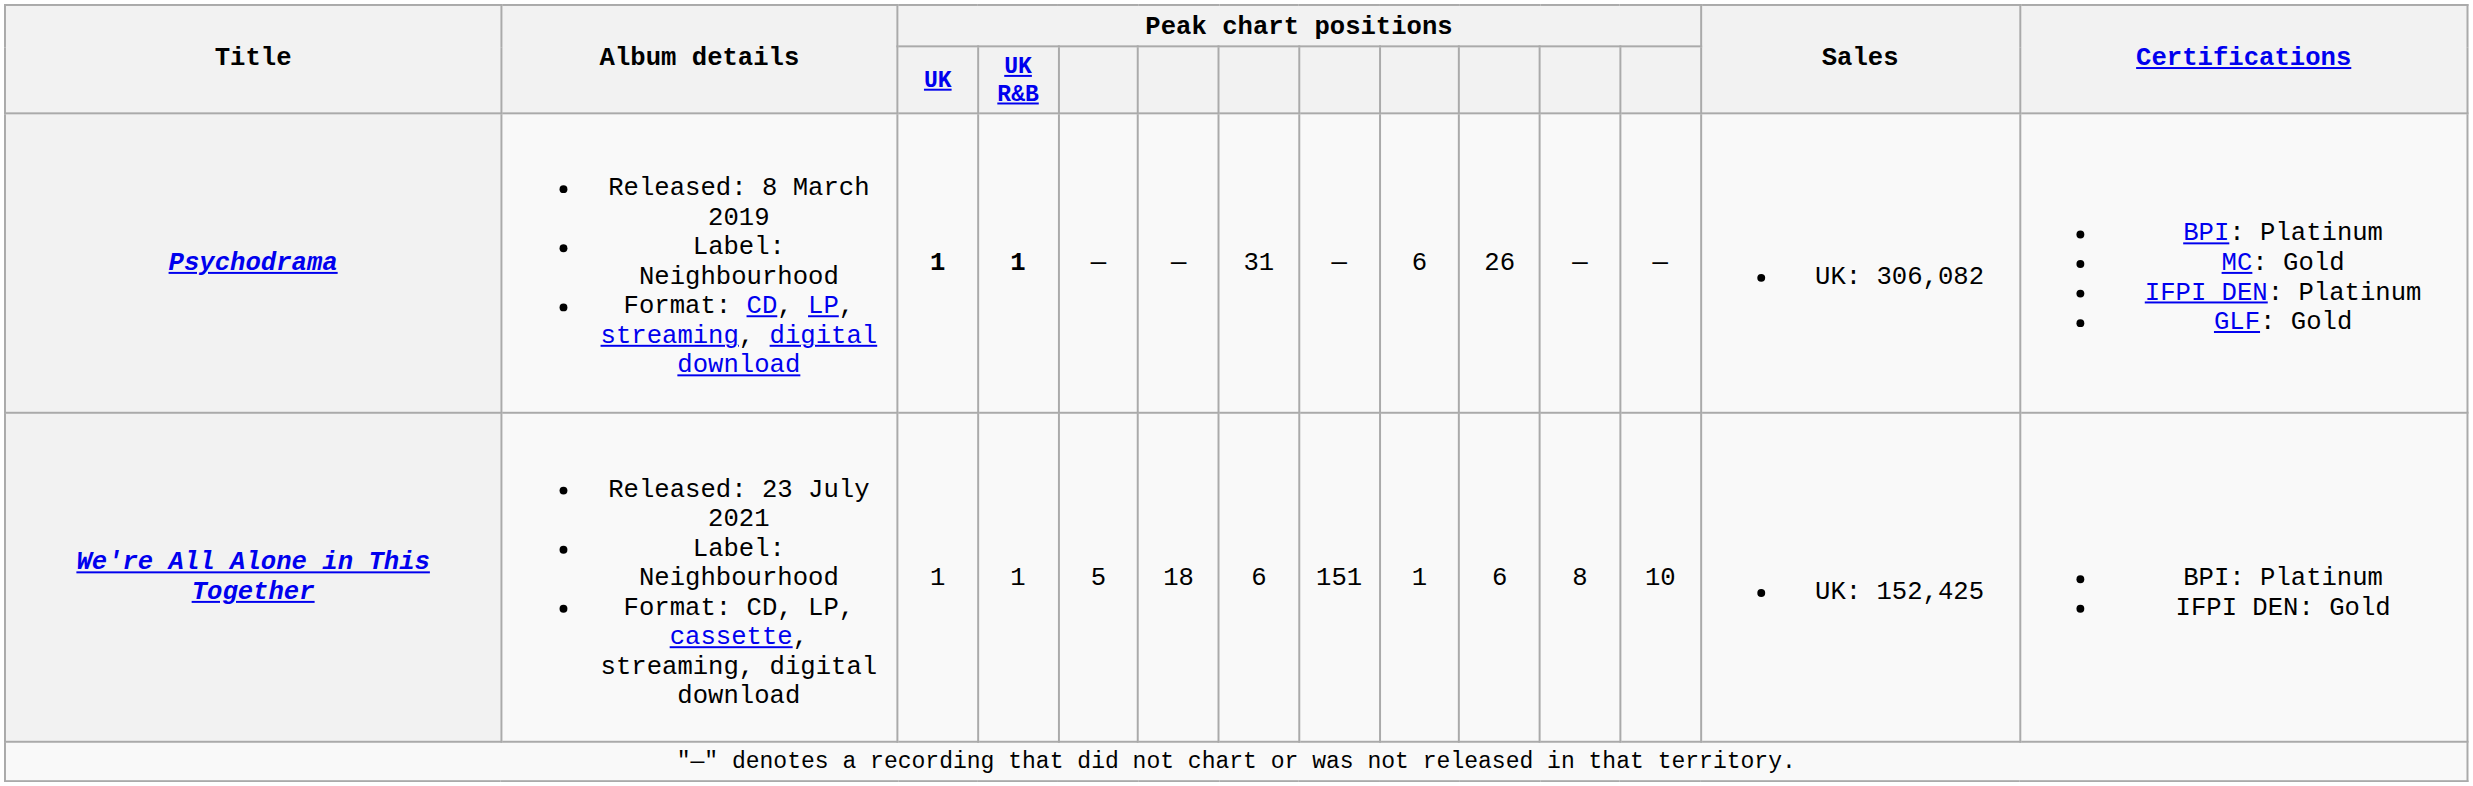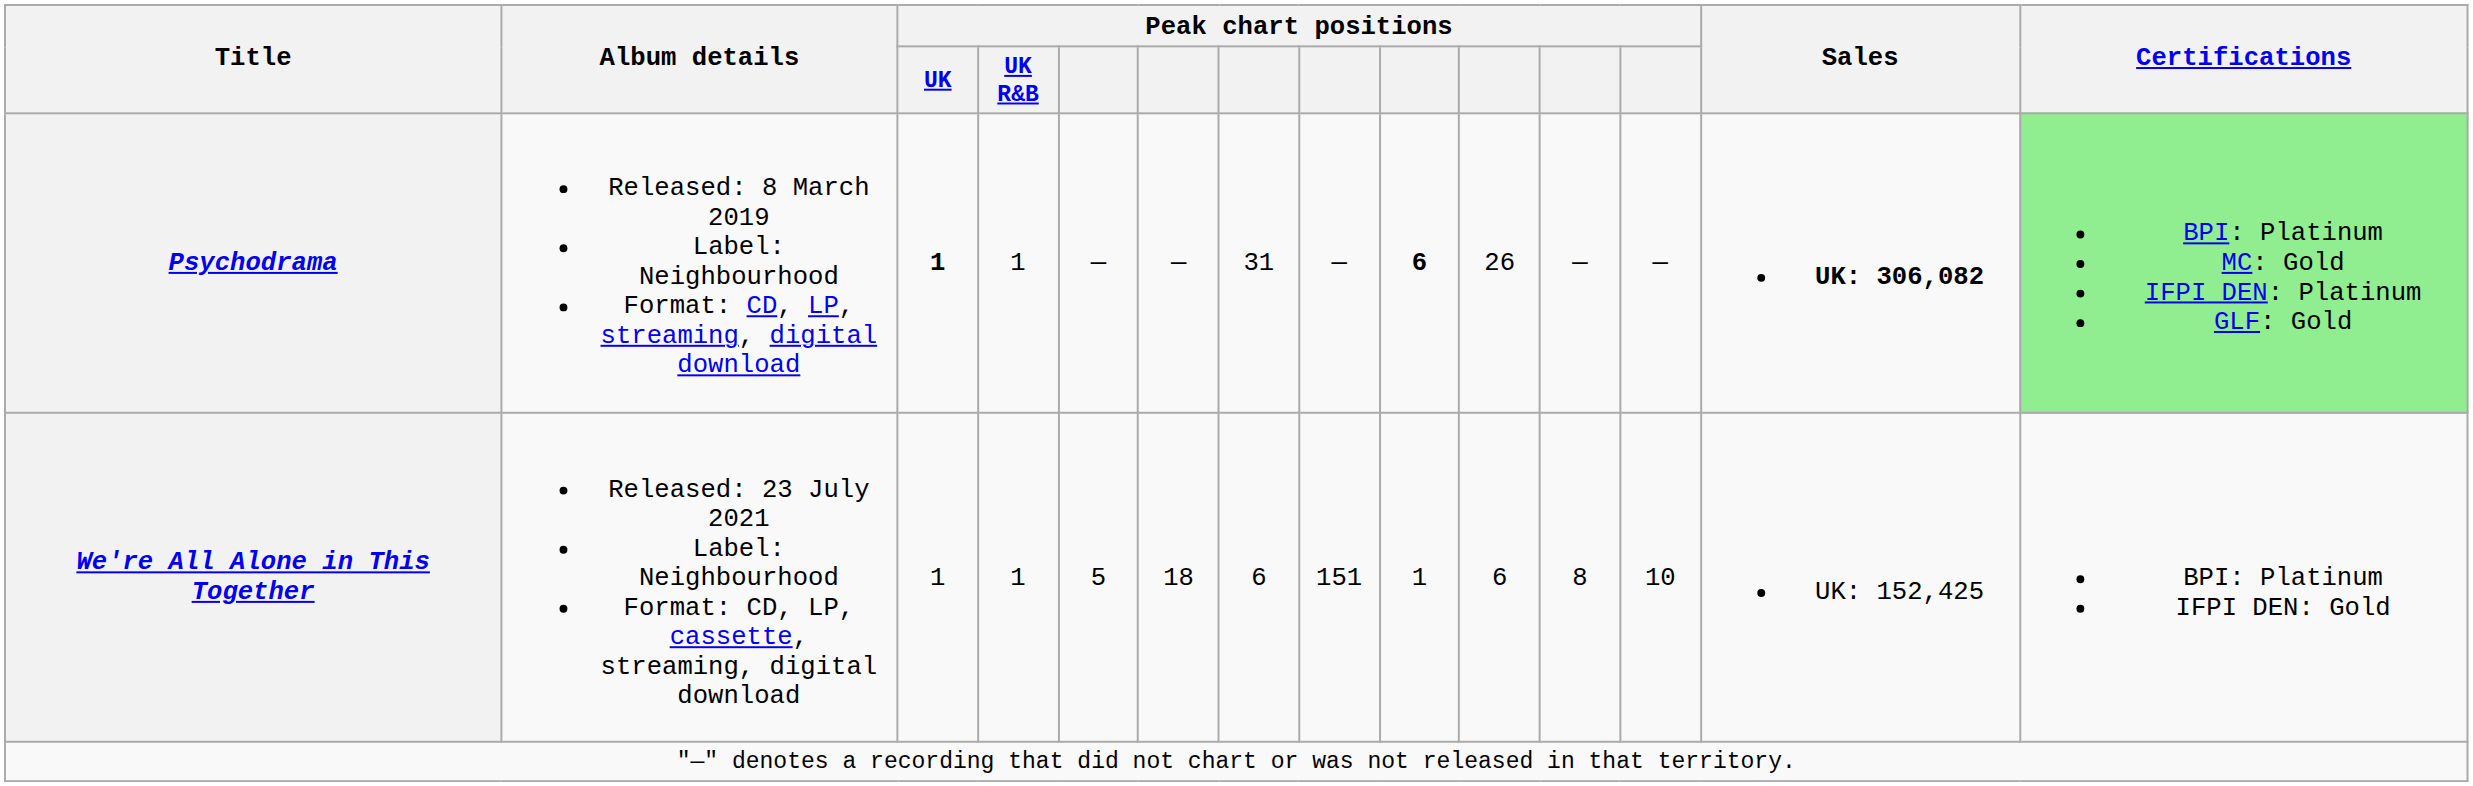 <table class="wikitable plainrowheaders" style="text-align:center;">
 <tr>
 <th scope="col" rowspan="2">Title</th>
 <th scope="col" rowspan="2" style="width:15em;">Album details</th>
 <th scope="col" colspan="10">Peak chart positions</th>
 <th scope="col" rowspan="2" style="width:12em;">Sales</th>
 <th scope="col" rowspan="2" style="width:17em;"><a href='#'>Certifications</a></th>
 </tr>
 <tr>
 <th scope="col" style="width:3em;font-size:90%;"><a href='#'>UK</a><br></th>
 <th scope="col" style="width:3em;font-size:90%;"><a href='#'>UK<br>R&B</a><br></th>
 <th scope="col" style="width:3em;font-size:90%;"><a href='#'></a><br></th>
 <th scope="col" style="width:3em;font-size:90%;"><a href='#'></a><br></th>
 <th scope="col" style="width:3em;font-size:90%;"><a href='#'></a><br></th>
 <th scope="col" style="width:3em;font-size:90%;"><a href='#'></a><br></th>
 <th scope="col" style="width:3em;font-size:90%;"><a href='#'></a><br></th>
 <th scope="col" style="width:3em;font-size:90%;"><a href='#'></a><br></th>
 <th scope="col" style="width:3em;font-size:90%;"><a href='#'></a><br></th>
 <th scope="col" style="width:3em;font-size:90%;"><a href='#'></a><br></th>
 </tr>
 <tr>
 <th scope="row"><em><a href='#'>Psychodrama</a></em></th>
 <td><br><ul><li>Released: 8 March 2019</li><li>Label: Neighbourhood</li><li>Format: <a href='#'>CD</a>, <a href='#'>LP</a>, <a href='#'>streaming</a>, <a href='#'>digital download</a></li></ul></td>
 <td><strong>1</strong></td>
-<td><strong>1</strong></td>
+<td>1</td>
 <td>—</td>
 <td>—</td>
 <td>31</td>
 <td>—</td>
-<td>6</td>
+<td><strong>6</strong></td>
 <td>26</td>
 <td>—</td>
 <td>—</td>
-<td><br><ul><li>UK: 306,082</li></ul></td>
-<td><br><ul><li><a href='#'>BPI</a>: Platinum</li><li><a href='#'>MC</a>: Gold</li><li><a href='#'>IFPI DEN</a>: Platinum</li><li><a href='#'>GLF</a>: Gold</li></ul></td>
+<td><strong><br><ul><li>UK: 306,082</li></ul></strong></td>
+<td style="background: lightgreen;"><br><ul><li><a href='#'>BPI</a>: Platinum</li><li><a href='#'>MC</a>: Gold</li><li><a href='#'>IFPI DEN</a>: Platinum</li><li><a href='#'>GLF</a>: Gold</li></ul></td>
 </tr>
 <tr>
 <th scope="row"><em><a href='#'>We're All Alone in This Together</a></em></th>
 <td><br><ul><li>Released: 23 July 2021</li><li>Label: Neighbourhood</li><li>Format: CD, LP, <a href='#'>cassette</a>, streaming, digital download</li></ul></td>
 <td>1</td>
 <td>1</td>
 <td>5</td>
 <td>18</td>
 <td>6</td>
 <td>151</td>
 <td>1</td>
 <td>6</td>
 <td>8</td>
 <td>10</td>
 <td><br><ul><li>UK: 152,425</li></ul></td>
 <td><br><ul><li>BPI: Platinum</li><li>IFPI DEN: Gold</li></ul></td>
 </tr>
 <tr>
 <td colspan="14" style="font-size:90%">"—" denotes a recording that did not chart or was not released in that territory.</td>
 </tr>
 </table>
